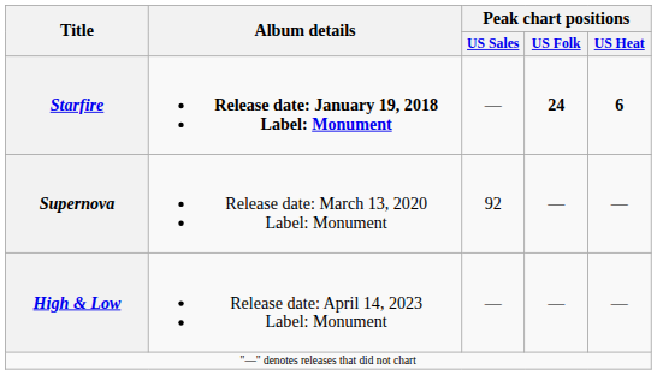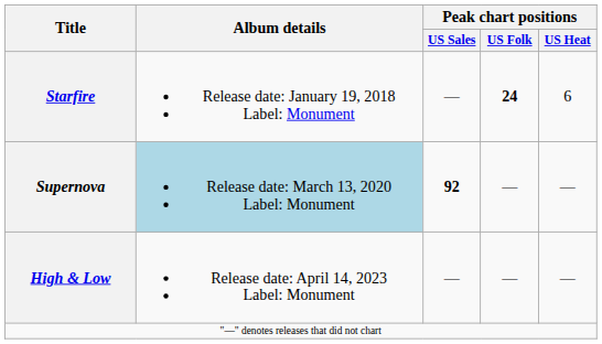 <table class="wikitable plainrowheaders" style="text-align:center;">
 <tr>
 <th rowspan="2" style="width:8em;">Title</th>
 <th rowspan="2" style="width:18em;">Album details</th>
 <th colspan="3">Peak chart positions</th>
 </tr>
 <tr style="font-size:smaller;">
 <th style="width:4em;"><a href='#'>US Sales</a><br></th>
 <th style="width:4em;"><a href='#'>US Folk</a><br></th>
 <th style="width:4em;"><a href='#'>US Heat</a><br></th>
 </tr>
 <tr>
 <th scope="row"><em><a href='#'>Starfire</a></em></th>
-<td><strong><br><ul><li>Release date: January 19, 2018</li><li>Label: <a href='#'>Monument</a></li></ul></strong></td>
+<td><br><ul><li>Release date: January 19, 2018</li><li>Label: <a href='#'>Monument</a></li></ul></td>
 <td>—</td>
 <td><strong>24</strong></td>
-<td><strong>6</strong></td>
+<td>6</td>
 </tr>
 <tr>
 <th scope="row"><em>Supernova</em></th>
-<td><br><ul><li>Release date: March 13, 2020</li><li>Label: Monument</li></ul></td>
-<td>92</td>
+<td style="background: lightblue;"><br><ul><li>Release date: March 13, 2020</li><li>Label: Monument</li></ul></td>
+<td><strong>92</strong></td>
 <td>—</td>
 <td>—</td>
 </tr>
 <tr>
 <th scope="row"><em><a href='#'>High & Low</a></em></th>
 <td><br><ul><li>Release date: April 14, 2023</li><li>Label: Monument</li></ul></td>
 <td>—</td>
 <td>—</td>
 <td>—</td>
 </tr>
 <tr>
 <td colspan="10" style="font-size:8pt">"—" denotes releases that did not chart</td>
 </tr>
 </table>
